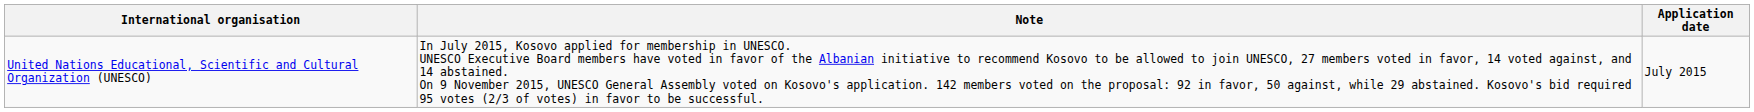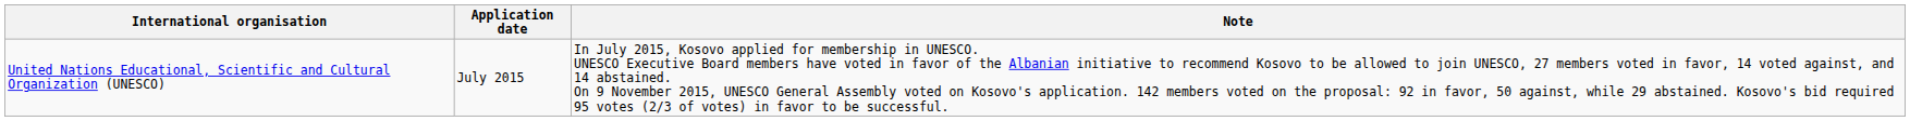 <table class="wikitable" style="margin:auto; width:100%;">
 <tr>
 <th>International organisation</th>
+<th><strong>Application date</strong></th>
 <th>Note</th>
-<th><strong>Application date</strong></th>
 </tr>
 <tr>
 <td><a href='#'>United Nations Educational, Scientific and Cultural Organization</a> (UNESCO)</td>
+<td>July 2015</td>
 <td>In July 2015, Kosovo applied for membership in UNESCO.<br>UNESCO Executive Board members have voted in favor of the <a href='#'>Albanian</a> initiative to recommend Kosovo to be allowed to join UNESCO, 27 members voted in favor, 14 voted against, and 14 abstained.<br>On 9 November 2015, UNESCO General Assembly voted on Kosovo's application. 142 members voted on the proposal: 92 in favor, 50 against, while 29 abstained. Kosovo's bid required 95 votes (2/3 of votes) in favor to be successful.</td>
-<td>July 2015</td>
 </tr>
 </table>
